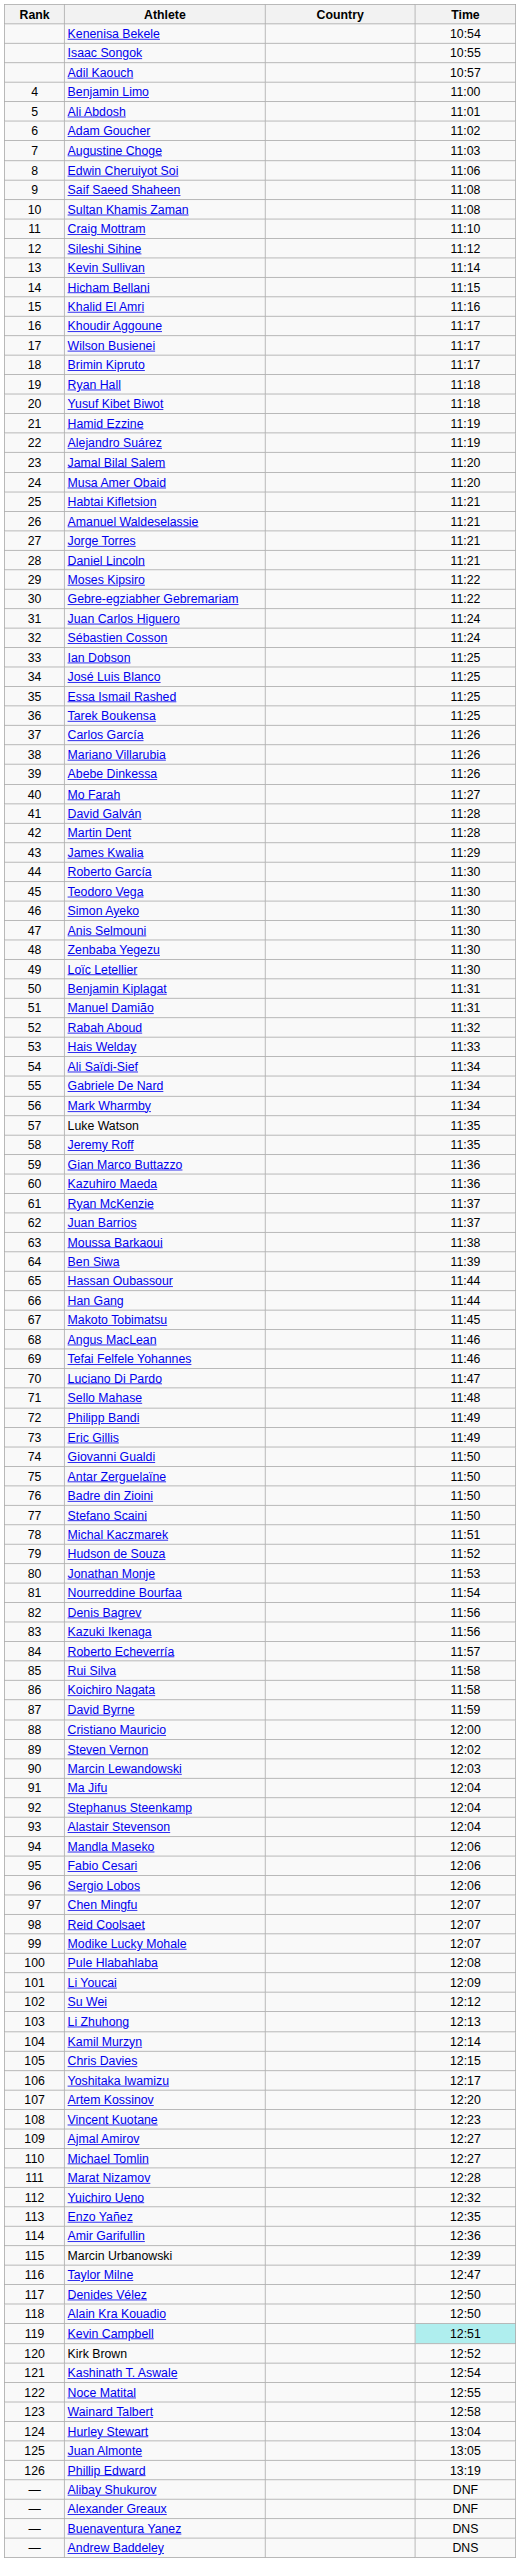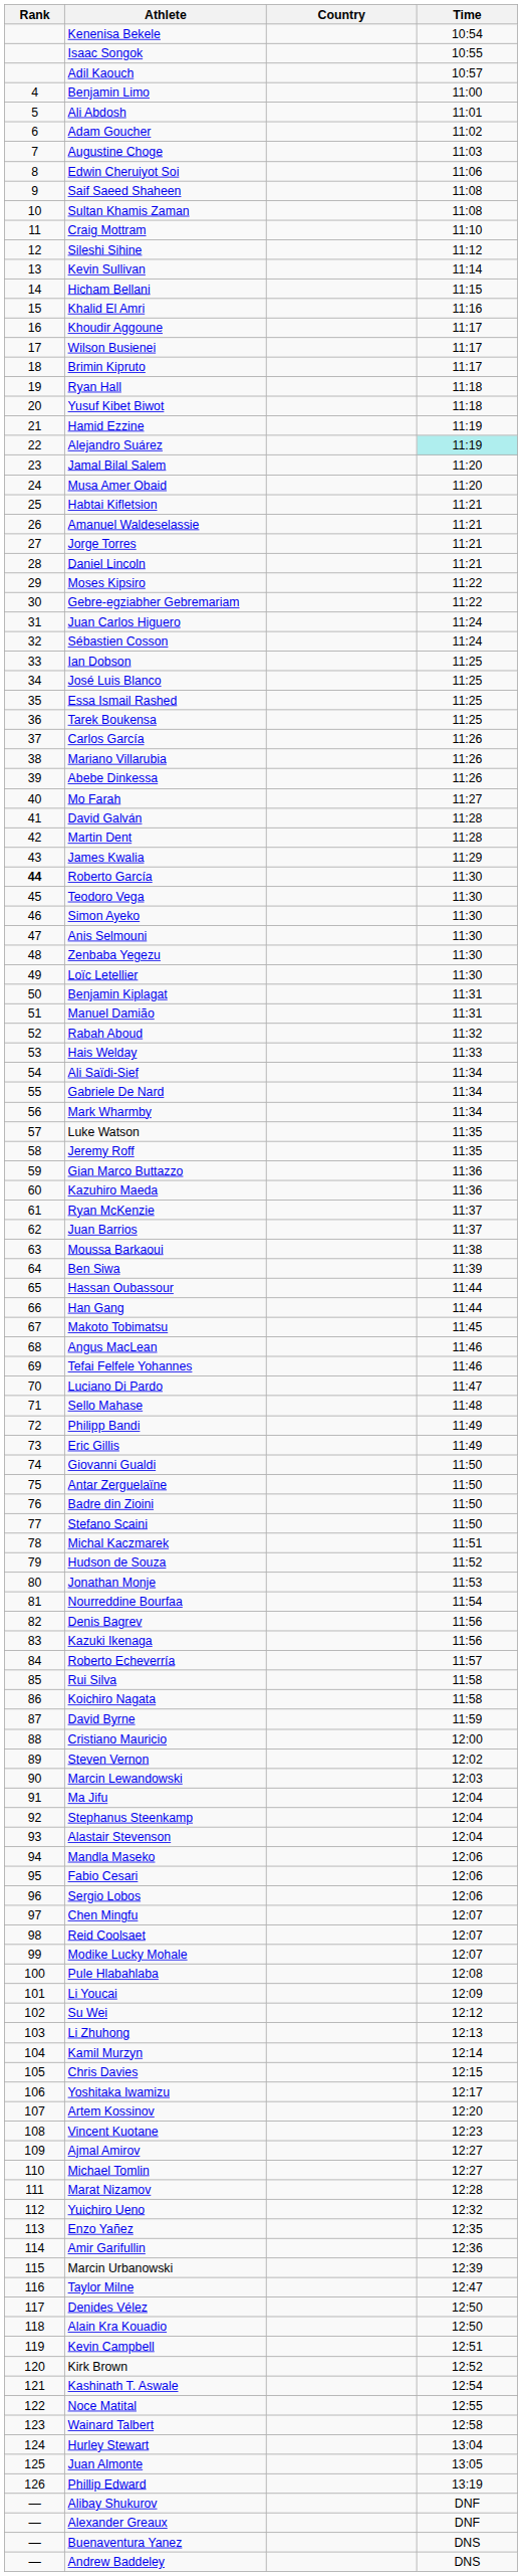 <table class="wikitable sortable" style=" text-align:center; font-size:95%;" width="50%">
 <tr>
 <th width=5%>Rank</th>
 <th width=20%>Athlete</th>
 <th width=15%>Country</th>
 <th width=10%>Time</th>
 </tr>
 <tr>
 <td align=center></td>
 <td align=left><a href='#'>Kenenisa Bekele</a></td>
 <td align=left></td>
 <td>10:54</td>
 </tr>
 <tr>
 <td align=center></td>
 <td align=left><a href='#'>Isaac Songok</a></td>
 <td align=left></td>
 <td>10:55</td>
 </tr>
 <tr>
 <td align=center></td>
 <td align=left><a href='#'>Adil Kaouch</a></td>
 <td align=left></td>
 <td>10:57</td>
 </tr>
 <tr>
 <td align=center>4</td>
 <td align=left><a href='#'>Benjamin Limo</a></td>
 <td align=left></td>
 <td>11:00</td>
 </tr>
 <tr>
 <td align=center>5</td>
 <td align=left><a href='#'>Ali Abdosh</a></td>
 <td align=left></td>
 <td>11:01</td>
 </tr>
 <tr>
 <td align=center>6</td>
 <td align=left><a href='#'>Adam Goucher</a></td>
 <td align=left></td>
 <td>11:02</td>
 </tr>
 <tr>
 <td align=center>7</td>
 <td align=left><a href='#'>Augustine Choge</a></td>
 <td align=left></td>
 <td>11:03</td>
 </tr>
 <tr>
 <td align=center>8</td>
 <td align=left><a href='#'>Edwin Cheruiyot Soi</a></td>
 <td align=left></td>
 <td>11:06</td>
 </tr>
 <tr>
 <td align=center>9</td>
 <td align=left><a href='#'>Saif Saeed Shaheen</a></td>
 <td align=left></td>
 <td>11:08</td>
 </tr>
 <tr>
 <td align=center>10</td>
 <td align=left><a href='#'>Sultan Khamis Zaman</a></td>
 <td align=left></td>
 <td>11:08</td>
 </tr>
 <tr>
 <td align=center>11</td>
 <td align=left><a href='#'>Craig Mottram</a></td>
 <td align=left></td>
 <td>11:10</td>
 </tr>
 <tr>
 <td align=center>12</td>
 <td align=left><a href='#'>Sileshi Sihine</a></td>
 <td align=left></td>
 <td>11:12</td>
 </tr>
 <tr>
 <td align=center>13</td>
 <td align=left><a href='#'>Kevin Sullivan</a></td>
 <td align=left></td>
 <td>11:14</td>
 </tr>
 <tr>
 <td align=center>14</td>
 <td align=left><a href='#'>Hicham Bellani</a></td>
 <td align=left></td>
 <td>11:15</td>
 </tr>
 <tr>
 <td align=center>15</td>
 <td align=left><a href='#'>Khalid El Amri</a></td>
 <td align=left></td>
 <td>11:16</td>
 </tr>
 <tr>
 <td align=center>16</td>
 <td align=left><a href='#'>Khoudir Aggoune</a></td>
 <td align=left></td>
 <td>11:17</td>
 </tr>
 <tr>
 <td align=center>17</td>
 <td align=left><a href='#'>Wilson Busienei</a></td>
 <td align=left></td>
 <td>11:17</td>
 </tr>
 <tr>
 <td align=center>18</td>
 <td align=left><a href='#'>Brimin Kipruto</a></td>
 <td align=left></td>
 <td>11:17</td>
 </tr>
 <tr>
 <td align=center>19</td>
 <td align=left><a href='#'>Ryan Hall</a></td>
 <td align=left></td>
 <td>11:18</td>
 </tr>
 <tr>
 <td align=center>20</td>
 <td align=left><a href='#'>Yusuf Kibet Biwot</a></td>
 <td align=left></td>
 <td>11:18</td>
 </tr>
 <tr>
 <td align=center>21</td>
 <td align=left><a href='#'>Hamid Ezzine</a></td>
 <td align=left></td>
 <td>11:19</td>
 </tr>
 <tr>
 <td align=center>22</td>
 <td align=left><a href='#'>Alejandro Suárez</a></td>
 <td align=left></td>
-<td>11:19</td>
+<td style="background: paleturquoise;">11:19</td>
 </tr>
 <tr>
 <td align=center>23</td>
 <td align=left><a href='#'>Jamal Bilal Salem</a></td>
 <td align=left></td>
 <td>11:20</td>
 </tr>
 <tr>
 <td align=center>24</td>
 <td align=left><a href='#'>Musa Amer Obaid</a></td>
 <td align=left></td>
 <td>11:20</td>
 </tr>
 <tr>
 <td align=center>25</td>
 <td align=left><a href='#'>Habtai Kifletsion</a></td>
 <td align=left></td>
 <td>11:21</td>
 </tr>
 <tr>
 <td align=center>26</td>
 <td align=left><a href='#'>Amanuel Waldeselassie</a></td>
 <td align=left></td>
 <td>11:21</td>
 </tr>
 <tr>
 <td align=center>27</td>
 <td align=left><a href='#'>Jorge Torres</a></td>
 <td align=left></td>
 <td>11:21</td>
 </tr>
 <tr>
 <td align=center>28</td>
 <td align=left><a href='#'>Daniel Lincoln</a></td>
 <td align=left></td>
 <td>11:21</td>
 </tr>
 <tr>
 <td align=center>29</td>
 <td align=left><a href='#'>Moses Kipsiro</a></td>
 <td align=left></td>
 <td>11:22</td>
 </tr>
 <tr>
 <td align=center>30</td>
 <td align=left><a href='#'>Gebre-egziabher Gebremariam</a></td>
 <td align=left></td>
 <td>11:22</td>
 </tr>
 <tr>
 <td align=center>31</td>
 <td align=left><a href='#'>Juan Carlos Higuero</a></td>
 <td align=left></td>
 <td>11:24</td>
 </tr>
 <tr>
 <td align=center>32</td>
 <td align=left><a href='#'>Sébastien Cosson</a></td>
 <td align=left></td>
 <td>11:24</td>
 </tr>
 <tr>
 <td align=center>33</td>
 <td align=left><a href='#'>Ian Dobson</a></td>
 <td align=left></td>
 <td>11:25</td>
 </tr>
 <tr>
 <td align=center>34</td>
 <td align=left><a href='#'>José Luis Blanco</a></td>
 <td align=left></td>
 <td>11:25</td>
 </tr>
 <tr>
 <td align=center>35</td>
 <td align=left><a href='#'>Essa Ismail Rashed</a></td>
 <td align=left></td>
 <td>11:25</td>
 </tr>
 <tr>
 <td align=center>36</td>
 <td align=left><a href='#'>Tarek Boukensa</a></td>
 <td align=left></td>
 <td>11:25</td>
 </tr>
 <tr>
 <td align=center>37</td>
 <td align=left><a href='#'>Carlos García</a></td>
 <td align=left></td>
 <td>11:26</td>
 </tr>
 <tr>
 <td align=center>38</td>
 <td align=left><a href='#'>Mariano Villarubia</a></td>
 <td align=left></td>
 <td>11:26</td>
 </tr>
 <tr>
 <td align=center>39</td>
 <td align=left><a href='#'>Abebe Dinkessa</a></td>
 <td align=left></td>
 <td>11:26</td>
 </tr>
 <tr>
 <td align=center>40</td>
 <td align=left><a href='#'>Mo Farah</a></td>
 <td align=left></td>
 <td>11:27</td>
 </tr>
 <tr>
 <td align=center>41</td>
 <td align=left><a href='#'>David Galván</a></td>
 <td align=left></td>
 <td>11:28</td>
 </tr>
 <tr>
 <td align=center>42</td>
 <td align=left><a href='#'>Martin Dent</a></td>
 <td align=left></td>
 <td>11:28</td>
 </tr>
 <tr>
 <td align=center>43</td>
 <td align=left><a href='#'>James Kwalia</a></td>
 <td align=left></td>
 <td>11:29</td>
 </tr>
 <tr>
-<td align=center>44</td>
+<td align=center><strong>44</strong></td>
 <td align=left><a href='#'>Roberto García</a></td>
 <td align=left></td>
 <td>11:30</td>
 </tr>
 <tr>
 <td align=center>45</td>
 <td align=left><a href='#'>Teodoro Vega</a></td>
 <td align=left></td>
 <td>11:30</td>
 </tr>
 <tr>
 <td align=center>46</td>
 <td align=left><a href='#'>Simon Ayeko</a></td>
 <td align=left></td>
 <td>11:30</td>
 </tr>
 <tr>
 <td align=center>47</td>
 <td align=left><a href='#'>Anis Selmouni</a></td>
 <td align=left></td>
 <td>11:30</td>
 </tr>
 <tr>
 <td align=center>48</td>
 <td align=left><a href='#'>Zenbaba Yegezu</a></td>
 <td align=left></td>
 <td>11:30</td>
 </tr>
 <tr>
 <td align=center>49</td>
 <td align=left><a href='#'>Loïc Letellier</a></td>
 <td align=left></td>
 <td>11:30</td>
 </tr>
 <tr>
 <td align=center>50</td>
 <td align=left><a href='#'>Benjamin Kiplagat</a></td>
 <td align=left></td>
 <td>11:31</td>
 </tr>
 <tr>
 <td align=center>51</td>
 <td align=left><a href='#'>Manuel Damião</a></td>
 <td align=left></td>
 <td>11:31</td>
 </tr>
 <tr>
 <td align=center>52</td>
 <td align=left><a href='#'>Rabah Aboud</a></td>
 <td align=left></td>
 <td>11:32</td>
 </tr>
 <tr>
 <td align=center>53</td>
 <td align=left><a href='#'>Hais Welday</a></td>
 <td align=left></td>
 <td>11:33</td>
 </tr>
 <tr>
 <td align=center>54</td>
 <td align=left><a href='#'>Ali Saïdi-Sief</a></td>
 <td align=left></td>
 <td>11:34</td>
 </tr>
 <tr>
 <td align=center>55</td>
 <td align=left><a href='#'>Gabriele De Nard</a></td>
 <td align=left></td>
 <td>11:34</td>
 </tr>
 <tr>
 <td align=center>56</td>
 <td align=left><a href='#'>Mark Wharmby</a></td>
 <td align=left></td>
 <td>11:34</td>
 </tr>
 <tr>
 <td align=center>57</td>
 <td align=left>Luke Watson</td>
 <td align=left></td>
 <td>11:35</td>
 </tr>
 <tr>
 <td align=center>58</td>
 <td align=left><a href='#'>Jeremy Roff</a></td>
 <td align=left></td>
 <td>11:35</td>
 </tr>
 <tr>
 <td align=center>59</td>
 <td align=left><a href='#'>Gian Marco Buttazzo</a></td>
 <td align=left></td>
 <td>11:36</td>
 </tr>
 <tr>
 <td align=center>60</td>
 <td align=left><a href='#'>Kazuhiro Maeda</a></td>
 <td align=left></td>
 <td>11:36</td>
 </tr>
 <tr>
 <td align=center>61</td>
 <td align=left><a href='#'>Ryan McKenzie</a></td>
 <td align=left></td>
 <td>11:37</td>
 </tr>
 <tr>
 <td align=center>62</td>
 <td align=left><a href='#'>Juan Barrios</a></td>
 <td align=left></td>
 <td>11:37</td>
 </tr>
 <tr>
 <td align=center>63</td>
 <td align=left><a href='#'>Moussa Barkaoui</a></td>
 <td align=left></td>
 <td>11:38</td>
 </tr>
 <tr>
 <td align=center>64</td>
 <td align=left><a href='#'>Ben Siwa</a></td>
 <td align=left></td>
 <td>11:39</td>
 </tr>
 <tr>
 <td align=center>65</td>
 <td align=left><a href='#'>Hassan Oubassour</a></td>
 <td align=left></td>
 <td>11:44</td>
 </tr>
 <tr>
 <td align=center>66</td>
 <td align=left><a href='#'>Han Gang</a></td>
 <td align=left></td>
 <td>11:44</td>
 </tr>
 <tr>
 <td align=center>67</td>
 <td align=left><a href='#'>Makoto Tobimatsu</a></td>
 <td align=left></td>
 <td>11:45</td>
 </tr>
 <tr>
 <td align=center>68</td>
 <td align=left><a href='#'>Angus MacLean</a></td>
 <td align=left></td>
 <td>11:46</td>
 </tr>
 <tr>
 <td align=center>69</td>
 <td align=left><a href='#'>Tefai Felfele Yohannes</a></td>
 <td align=left></td>
 <td>11:46</td>
 </tr>
 <tr>
 <td align=center>70</td>
 <td align=left><a href='#'>Luciano Di Pardo</a></td>
 <td align=left></td>
 <td>11:47</td>
 </tr>
 <tr>
 <td align=center>71</td>
 <td align=left><a href='#'>Sello Mahase</a></td>
 <td align=left></td>
 <td>11:48</td>
 </tr>
 <tr>
 <td align=center>72</td>
 <td align=left><a href='#'>Philipp Bandi</a></td>
 <td align=left></td>
 <td>11:49</td>
 </tr>
 <tr>
 <td align=center>73</td>
 <td align=left><a href='#'>Eric Gillis</a></td>
 <td align=left></td>
 <td>11:49</td>
 </tr>
 <tr>
 <td align=center>74</td>
 <td align=left><a href='#'>Giovanni Gualdi</a></td>
 <td align=left></td>
 <td>11:50</td>
 </tr>
 <tr>
 <td align=center>75</td>
 <td align=left><a href='#'>Antar Zerguelaïne</a></td>
 <td align=left></td>
 <td>11:50</td>
 </tr>
 <tr>
 <td align=center>76</td>
 <td align=left><a href='#'>Badre din Zioini</a></td>
 <td align=left></td>
 <td>11:50</td>
 </tr>
 <tr>
 <td align=center>77</td>
 <td align=left><a href='#'>Stefano Scaini</a></td>
 <td align=left></td>
 <td>11:50</td>
 </tr>
 <tr>
 <td align=center>78</td>
 <td align=left><a href='#'>Michal Kaczmarek</a></td>
 <td align=left></td>
 <td>11:51</td>
 </tr>
 <tr>
 <td align=center>79</td>
 <td align=left><a href='#'>Hudson de Souza</a></td>
 <td align=left></td>
 <td>11:52</td>
 </tr>
 <tr>
 <td align=center>80</td>
 <td align=left><a href='#'>Jonathan Monje</a></td>
 <td align=left></td>
 <td>11:53</td>
 </tr>
 <tr>
 <td align=center>81</td>
 <td align=left><a href='#'>Nourreddine Bourfaa</a></td>
 <td align=left></td>
 <td>11:54</td>
 </tr>
 <tr>
 <td align=center>82</td>
 <td align=left><a href='#'>Denis Bagrev</a></td>
 <td align=left></td>
 <td>11:56</td>
 </tr>
 <tr>
 <td align=center>83</td>
 <td align=left><a href='#'>Kazuki Ikenaga</a></td>
 <td align=left></td>
 <td>11:56</td>
 </tr>
 <tr>
 <td align=center>84</td>
 <td align=left><a href='#'>Roberto Echeverría</a></td>
 <td align=left></td>
 <td>11:57</td>
 </tr>
 <tr>
 <td align=center>85</td>
 <td align=left><a href='#'>Rui Silva</a></td>
 <td align=left></td>
 <td>11:58</td>
 </tr>
 <tr>
 <td align=center>86</td>
 <td align=left><a href='#'>Koichiro Nagata</a></td>
 <td align=left></td>
 <td>11:58</td>
 </tr>
 <tr>
 <td align=center>87</td>
 <td align=left><a href='#'>David Byrne</a></td>
 <td align=left></td>
 <td>11:59</td>
 </tr>
 <tr>
 <td align=center>88</td>
 <td align=left><a href='#'>Cristiano Mauricio</a></td>
 <td align=left></td>
 <td>12:00</td>
 </tr>
 <tr>
 <td align=center>89</td>
 <td align=left><a href='#'>Steven Vernon</a></td>
 <td align=left></td>
 <td>12:02</td>
 </tr>
 <tr>
 <td align=center>90</td>
 <td align=left><a href='#'>Marcin Lewandowski</a></td>
 <td align=left></td>
 <td>12:03</td>
 </tr>
 <tr>
 <td align=center>91</td>
 <td align=left><a href='#'>Ma Jifu</a></td>
 <td align=left></td>
 <td>12:04</td>
 </tr>
 <tr>
 <td align=center>92</td>
 <td align=left><a href='#'>Stephanus Steenkamp</a></td>
 <td align=left></td>
 <td>12:04</td>
 </tr>
 <tr>
 <td align=center>93</td>
 <td align=left><a href='#'>Alastair Stevenson</a></td>
 <td align=left></td>
 <td>12:04</td>
 </tr>
 <tr>
 <td align=center>94</td>
 <td align=left><a href='#'>Mandla Maseko</a></td>
 <td align=left></td>
 <td>12:06</td>
 </tr>
 <tr>
 <td align=center>95</td>
 <td align=left><a href='#'>Fabio Cesari</a></td>
 <td align=left></td>
 <td>12:06</td>
 </tr>
 <tr>
 <td align=center>96</td>
 <td align=left><a href='#'>Sergio Lobos</a></td>
 <td align=left></td>
 <td>12:06</td>
 </tr>
 <tr>
 <td align=center>97</td>
 <td align=left><a href='#'>Chen Mingfu</a></td>
 <td align=left></td>
 <td>12:07</td>
 </tr>
 <tr>
 <td align=center>98</td>
 <td align=left><a href='#'>Reid Coolsaet</a></td>
 <td align=left></td>
 <td>12:07</td>
 </tr>
 <tr>
 <td align=center>99</td>
 <td align=left><a href='#'>Modike Lucky Mohale</a></td>
 <td align=left></td>
 <td>12:07</td>
 </tr>
 <tr>
 <td align=center>100</td>
 <td align=left><a href='#'>Pule Hlabahlaba</a></td>
 <td align=left></td>
 <td>12:08</td>
 </tr>
 <tr>
 <td align=center>101</td>
 <td align=left><a href='#'>Li Youcai</a></td>
 <td align=left></td>
 <td>12:09</td>
 </tr>
 <tr>
 <td align=center>102</td>
 <td align=left><a href='#'>Su Wei</a></td>
 <td align=left></td>
 <td>12:12</td>
 </tr>
 <tr>
 <td align=center>103</td>
 <td align=left><a href='#'>Li Zhuhong</a></td>
 <td align=left></td>
 <td>12:13</td>
 </tr>
 <tr>
 <td align=center>104</td>
 <td align=left><a href='#'>Kamil Murzyn</a></td>
 <td align=left></td>
 <td>12:14</td>
 </tr>
 <tr>
 <td align=center>105</td>
 <td align=left><a href='#'>Chris Davies</a></td>
 <td align=left></td>
 <td>12:15</td>
 </tr>
 <tr>
 <td align=center>106</td>
 <td align=left><a href='#'>Yoshitaka Iwamizu</a></td>
 <td align=left></td>
 <td>12:17</td>
 </tr>
 <tr>
 <td align=center>107</td>
 <td align=left><a href='#'>Artem Kossinov</a></td>
 <td align=left></td>
 <td>12:20</td>
 </tr>
 <tr>
 <td align=center>108</td>
 <td align=left><a href='#'>Vincent Kuotane</a></td>
 <td align=left></td>
 <td>12:23</td>
 </tr>
 <tr>
 <td align=center>109</td>
 <td align=left><a href='#'>Ajmal Amirov</a></td>
 <td align=left></td>
 <td>12:27</td>
 </tr>
 <tr>
 <td align=center>110</td>
 <td align=left><a href='#'>Michael Tomlin</a></td>
 <td align=left></td>
 <td>12:27</td>
 </tr>
 <tr>
 <td align=center>111</td>
 <td align=left><a href='#'>Marat Nizamov</a></td>
 <td align=left></td>
 <td>12:28</td>
 </tr>
 <tr>
 <td align=center>112</td>
 <td align=left><a href='#'>Yuichiro Ueno</a></td>
 <td align=left></td>
 <td>12:32</td>
 </tr>
 <tr>
 <td align=center>113</td>
 <td align=left><a href='#'>Enzo Yañez</a></td>
 <td align=left></td>
 <td>12:35</td>
 </tr>
 <tr>
 <td align=center>114</td>
 <td align=left><a href='#'>Amir Garifullin</a></td>
 <td align=left></td>
 <td>12:36</td>
 </tr>
 <tr>
 <td align=center>115</td>
 <td align=left>Marcin Urbanowski</td>
 <td align=left></td>
 <td>12:39</td>
 </tr>
 <tr>
 <td align=center>116</td>
 <td align=left><a href='#'>Taylor Milne</a></td>
 <td align=left></td>
 <td>12:47</td>
 </tr>
 <tr>
 <td align=center>117</td>
 <td align=left><a href='#'>Denides Vélez</a></td>
 <td align=left></td>
 <td>12:50</td>
 </tr>
 <tr>
 <td align=center>118</td>
 <td align=left><a href='#'>Alain Kra Kouadio</a></td>
 <td align=left></td>
 <td>12:50</td>
 </tr>
 <tr>
 <td align=center>119</td>
 <td align=left><a href='#'>Kevin Campbell</a></td>
 <td align=left></td>
-<td style="background: paleturquoise;">12:51</td>
+<td>12:51</td>
 </tr>
 <tr>
 <td align=center>120</td>
 <td align=left>Kirk Brown</td>
 <td align=left></td>
 <td>12:52</td>
 </tr>
 <tr>
 <td align=center>121</td>
 <td align=left><a href='#'>Kashinath T. Aswale</a></td>
 <td align=left></td>
 <td>12:54</td>
 </tr>
 <tr>
 <td align=center>122</td>
 <td align=left><a href='#'>Noce Matital</a></td>
 <td align=left></td>
 <td>12:55</td>
 </tr>
 <tr>
 <td align=center>123</td>
 <td align=left><a href='#'>Wainard Talbert</a></td>
 <td align=left></td>
 <td>12:58</td>
 </tr>
 <tr>
 <td align=center>124</td>
 <td align=left><a href='#'>Hurley Stewart</a></td>
 <td align=left></td>
 <td>13:04</td>
 </tr>
 <tr>
 <td align=center>125</td>
 <td align=left><a href='#'>Juan Almonte</a></td>
 <td align=left></td>
 <td>13:05</td>
 </tr>
 <tr>
 <td align=center>126</td>
 <td align=left><a href='#'>Phillip Edward</a></td>
 <td align=left></td>
 <td>13:19</td>
 </tr>
 <tr>
 <td align=center>—</td>
 <td align=left><a href='#'>Alibay Shukurov</a></td>
 <td align=left></td>
 <td>DNF</td>
 </tr>
 <tr>
 <td align=center>—</td>
 <td align=left><a href='#'>Alexander Greaux</a></td>
 <td align=left></td>
 <td>DNF</td>
 </tr>
 <tr>
 <td align=center>—</td>
 <td align=left><a href='#'>Buenaventura Yanez</a></td>
 <td align=left></td>
 <td>DNS</td>
 </tr>
 <tr>
 <td align=center>—</td>
 <td align=left><a href='#'>Andrew Baddeley</a></td>
 <td align=left></td>
 <td>DNS</td>
 </tr>
 </table>
